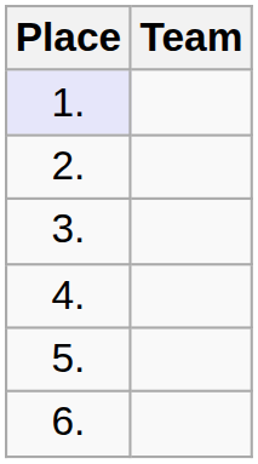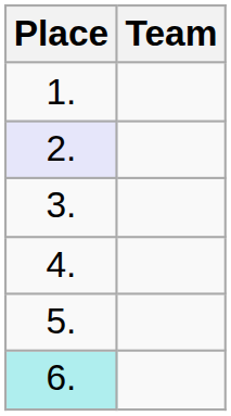 <table class="wikitable">
 <tr>
 <th>Place</th>
 <th>Team</th>
 </tr>
 <tr>
-<td align="center" style="background: lavender;">1.</td>
+<td align="center">1.</td>
 <td></td>
 </tr>
 <tr>
-<td align="center">2.</td>
+<td align="center" style="background: lavender;">2.</td>
 <td></td>
 </tr>
 <tr>
 <td align="center">3.</td>
 <td></td>
 </tr>
 <tr>
 <td align="center">4.</td>
 <td></td>
 </tr>
 <tr>
 <td align="center">5.</td>
 <td></td>
 </tr>
 <tr>
-<td align="center">6.</td>
+<td align="center" style="background: paleturquoise;">6.</td>
 <td></td>
 </tr>
 </table>
